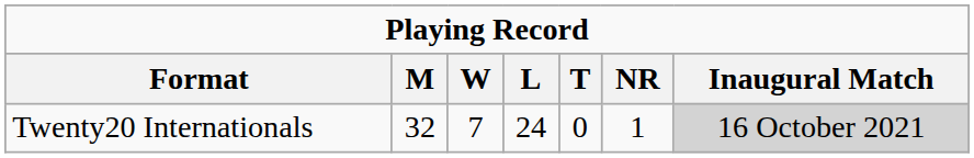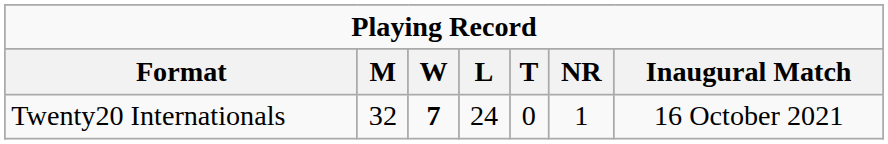 <table class="wikitable" style="text-align: center; width: 500px;">
 <tr>
 <td colspan=7 align="center"><strong>Playing Record</strong></td>
 </tr>
 <tr>
 <th>Format</th>
 <th>M</th>
 <th>W</th>
 <th>L</th>
 <th>T</th>
 <th>NR</th>
 <th>Inaugural Match</th>
 </tr>
 <tr>
 <td align="left">Twenty20 Internationals</td>
 <td>32</td>
-<td>7</td>
+<td><strong>7</strong></td>
 <td>24</td>
 <td>0</td>
 <td>1</td>
-<td style="background: lightgrey;">16 October 2021</td>
+<td>16 October 2021</td>
 </tr>
 </table>
